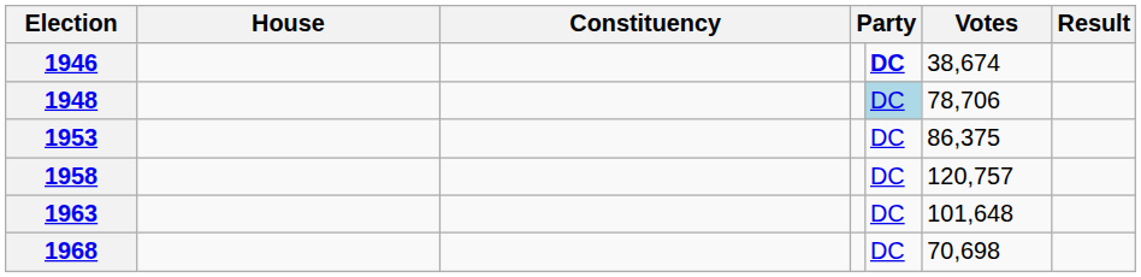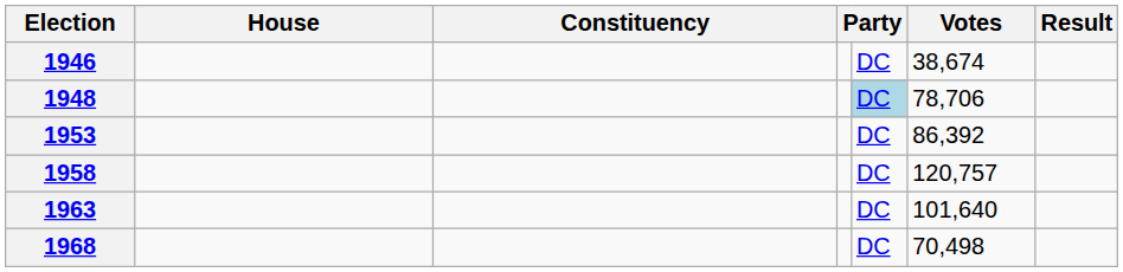 <table class=wikitable style="width:60%; border:1px #AAAAFF solid">
 <tr>
 <th width=12%>Election</th>
 <th width=30%>House</th>
 <th width=40%>Constituency</th>
 <th width=5% colspan="2">Party</th>
 <th width=12%>Votes</th>
 <th width=12%>Result</th>
 </tr>
 <tr>
 <th><a href='#'>1946</a></th>
 <td></td>
 <td></td>
 <td></td>
-<td><strong><a href='#'>DC</a></strong></td>
+<td><a href='#'>DC</a></td>
 <td>38,674</td>
 <td></td>
 </tr>
 <tr>
 <th><a href='#'>1948</a></th>
 <td></td>
 <td></td>
 <td></td>
 <td style="background: lightblue;"><a href='#'>DC</a></td>
 <td>78,706</td>
 <td></td>
 </tr>
 <tr>
 <th><a href='#'>1953</a></th>
 <td></td>
 <td></td>
 <td></td>
 <td><a href='#'>DC</a></td>
-<td>86,375</td>
+<td>86,392</td>
 <td></td>
 </tr>
 <tr>
 <th><a href='#'>1958</a></th>
 <td></td>
 <td></td>
 <td></td>
 <td><a href='#'>DC</a></td>
 <td>120,757</td>
 <td></td>
 </tr>
 <tr>
 <th><a href='#'>1963</a></th>
 <td></td>
 <td></td>
 <td></td>
 <td><a href='#'>DC</a></td>
-<td>101,648</td>
+<td>101,640</td>
 <td></td>
 </tr>
 <tr>
 <th><a href='#'>1968</a></th>
 <td></td>
 <td></td>
 <td></td>
 <td><a href='#'>DC</a></td>
-<td>70,698</td>
+<td>70,498</td>
 <td></td>
 </tr>
 </table>
